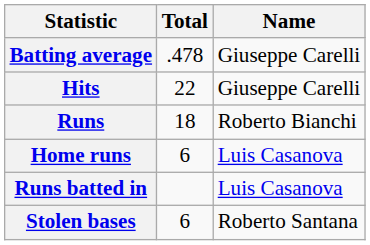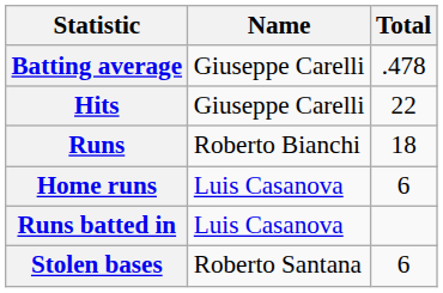 <table class="wikitable plainrowheaders">
 <tr>
 <th scope="col">Statistic</th>
+<th scope="col">Name</th>
 <th scope="col">Total</th>
-<th scope="col">Name</th>
 </tr>
 <tr>
 <th scope="row"><a href='#'>Batting average</a></th>
+<td> Giuseppe Carelli</td>
 <td align=center>.478</td>
-<td> Giuseppe Carelli</td>
 </tr>
 <tr>
 <th scope="row"><a href='#'>Hits</a></th>
+<td> Giuseppe Carelli</td>
 <td align=center>22</td>
-<td> Giuseppe Carelli</td>
 </tr>
 <tr>
 <th scope="row"><a href='#'>Runs</a></th>
+<td> Roberto Bianchi</td>
 <td align=center>18</td>
-<td> Roberto Bianchi</td>
 </tr>
 <tr>
 <th scope="row"><a href='#'>Home runs</a></th>
+<td> <a href='#'>Luis Casanova</a></td>
 <td align=center>6</td>
-<td> <a href='#'>Luis Casanova</a></td>
 </tr>
 <tr>
 <th scope="row"><a href='#'>Runs batted in</a></th>
+<td> <a href='#'>Luis Casanova</a></td>
 <td></td>
-<td> <a href='#'>Luis Casanova</a></td>
 </tr>
 <tr>
 <th scope="row"><a href='#'>Stolen bases</a></th>
+<td> Roberto Santana</td>
 <td align=center>6</td>
-<td> Roberto Santana</td>
 </tr>
 </table>
